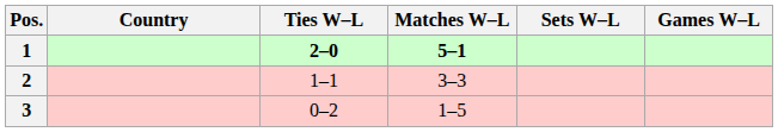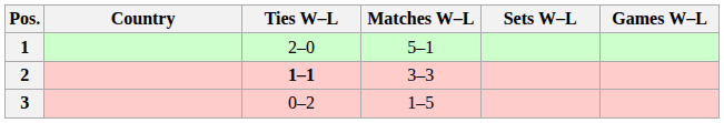 <table class="wikitable nowrap" style=text-align:center>
 <tr>
 <th>Pos.</th>
 <th width=170>Country</th>
 <th width=100>Ties W–L</th>
 <th width=100>Matches W–L</th>
 <th width=100>Sets W–L</th>
 <th width=100>Games W–L</th>
 </tr>
 <tr style=background:#ccffcc>
 <th>1</th>
 <td align=left></td>
-<td><strong>2–0</strong></td>
-<td><strong>5–1</strong></td>
+<td>2–0</td>
+<td>5–1</td>
 <td></td>
 <td></td>
 </tr>
 <tr>
 </tr>
 <tr style=background:#ffcccc>
 <th>2</th>
 <td align=left> </td>
-<td>1–1</td>
+<td><strong>1–1</strong></td>
 <td>3–3</td>
 <td></td>
 <td></td>
 </tr>
 <tr style=background:#ffcccc>
 <th>3</th>
 <td align=left></td>
 <td>0–2</td>
 <td>1–5</td>
 <td></td>
 <td></td>
 </tr>
 </table>
